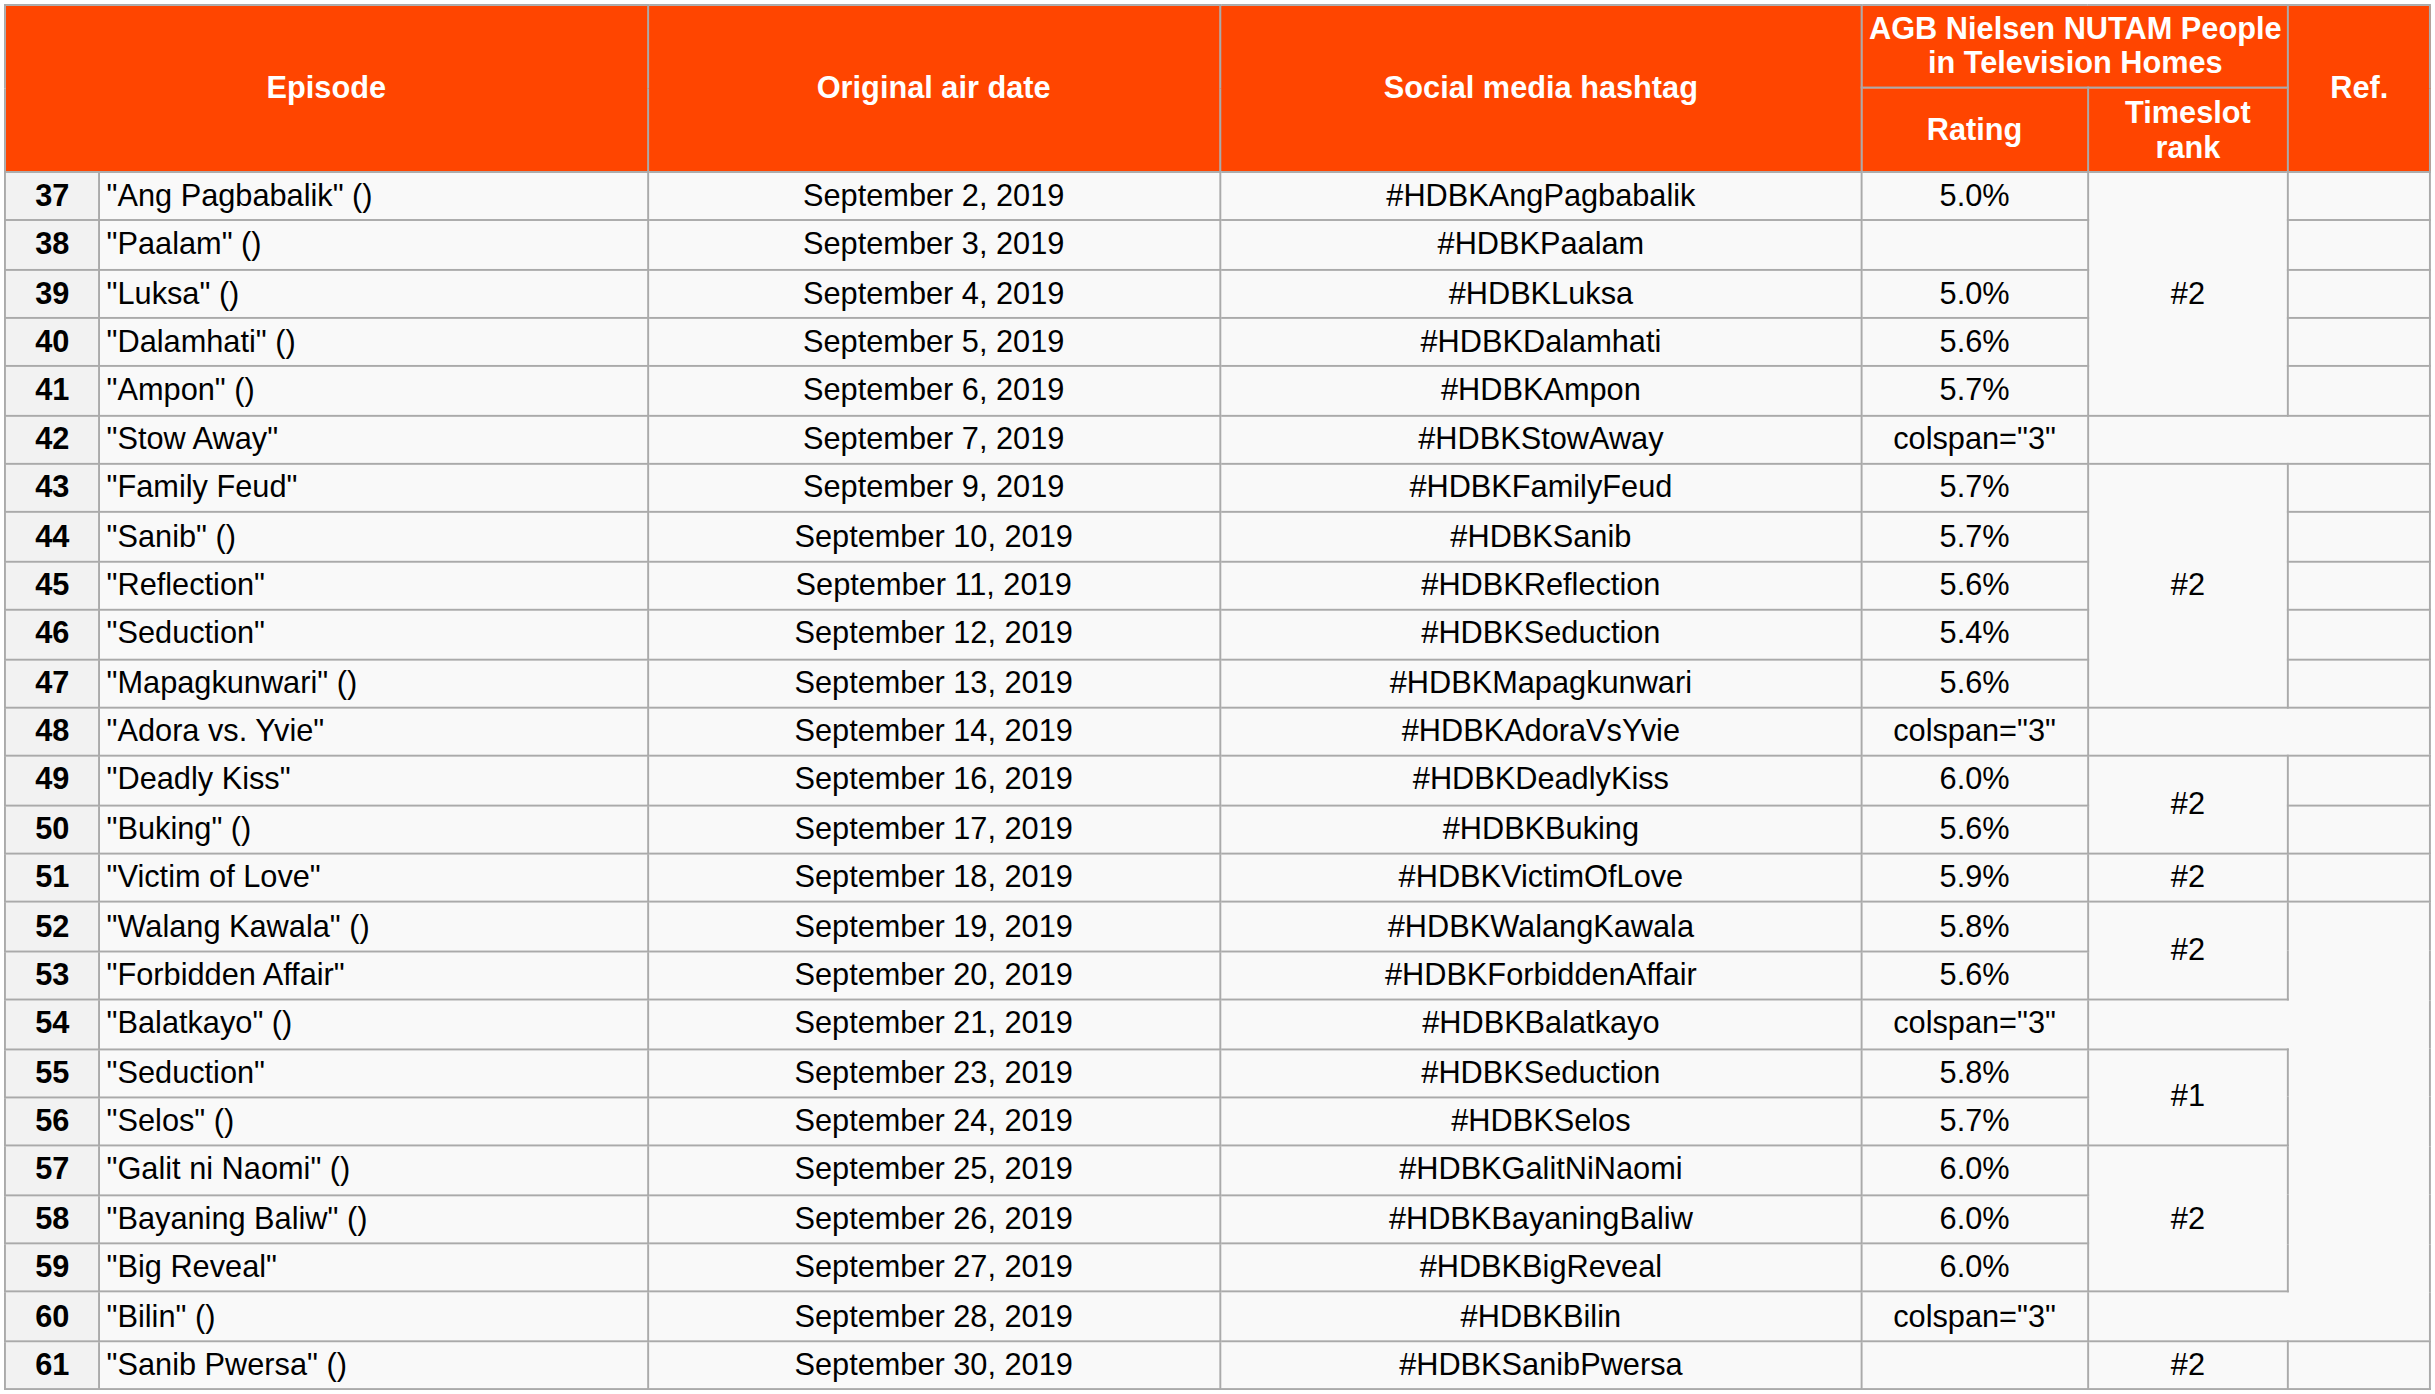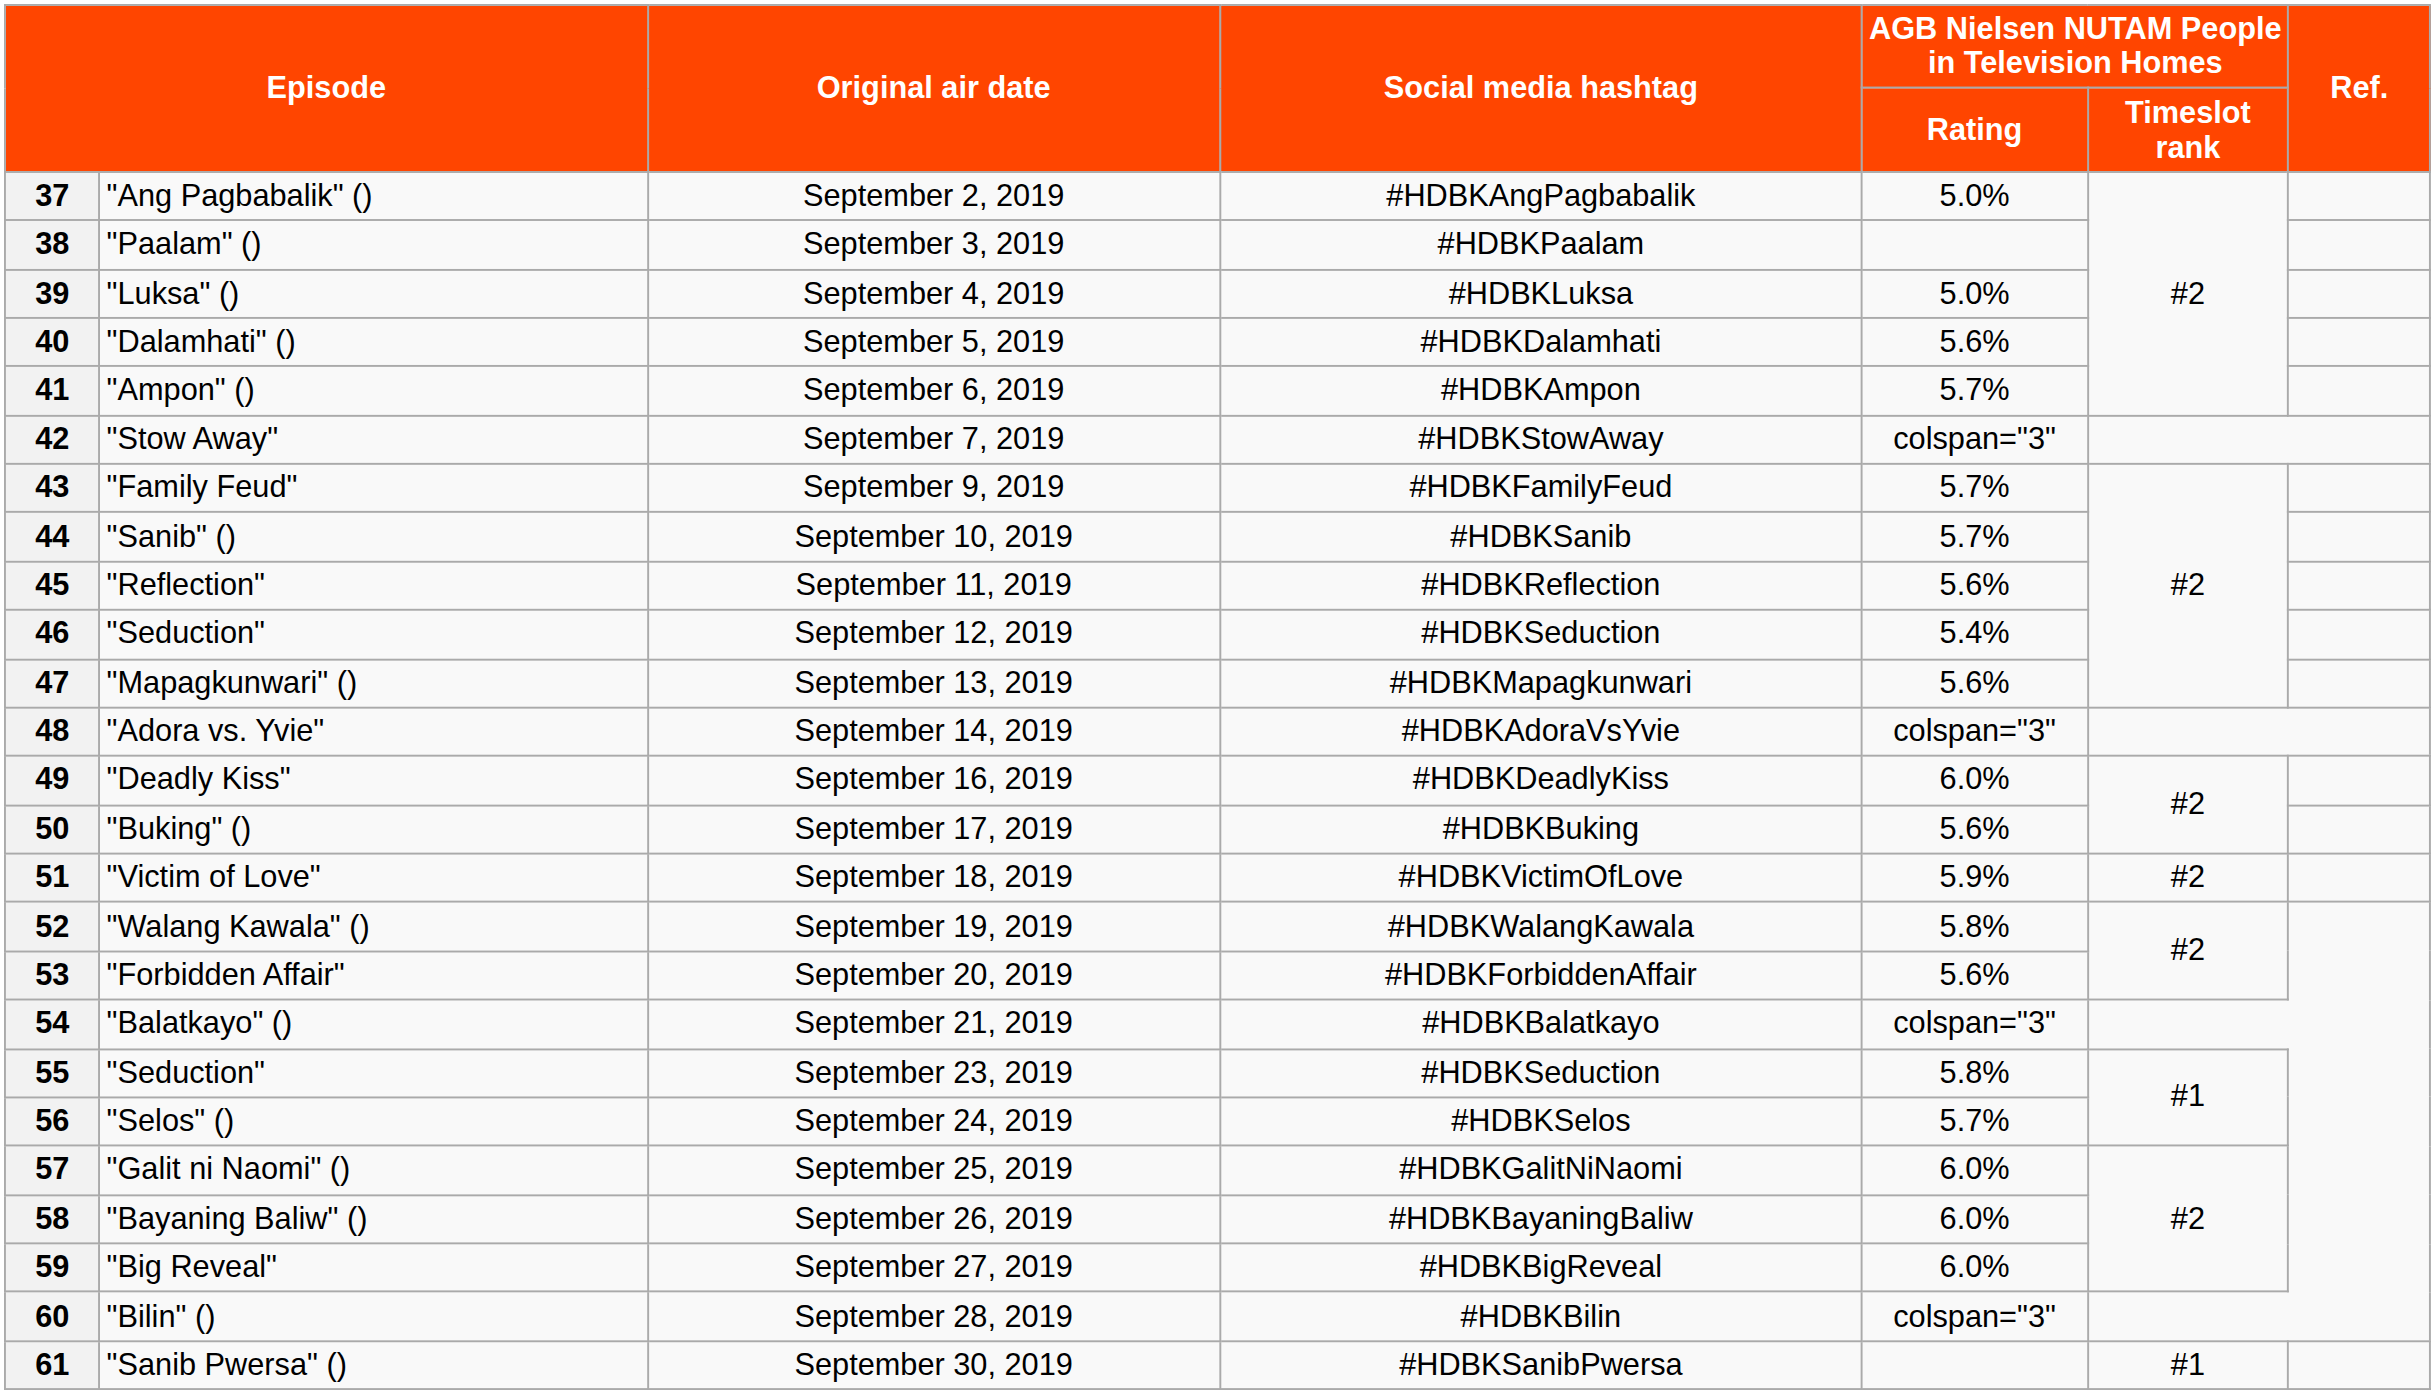 <table class="wikitable" style="text-align:center; font-size:100%; line-height:18px;" width="100%">
 <tr>
 <th style="background-color:#FF4500; color:#ffffff;" colspan="2" rowspan="2">Episode</th>
 <th style="background-color:#FF4500; color:white" rowspan="2">Original air date</th>
 <th style="background-color:#FF4500; color:white" rowspan="2">Social media hashtag</th>
 <th style="background-color:#FF4500; color:#ffffff;" colspan="2">AGB Nielsen NUTAM People in Television Homes</th>
 <th style="background-color:#FF4500; color:#ffffff;" rowspan="2">Ref.</th>
 </tr>
 <tr>
 <th style="background-color:#FF4500; width:75px; color:#ffffff;">Rating</th>
 <th style="background-color:#FF4500; width:75px; color:#ffffff;">Timeslot<br>rank</th>
 </tr>
 <tr>
 <th>37</th>
 <td style="text-align: left;">"Ang Pagbabalik" ()</td>
 <td>September 2, 2019</td>
 <td>#HDBKAngPagbabalik</td>
 <td>5.0%</td>
 <td rowspan="5">#2</td>
 <td></td>
 </tr>
 <tr>
 <th>38</th>
 <td style="text-align: left;">"Paalam" ()</td>
 <td>September 3, 2019</td>
 <td>#HDBKPaalam</td>
 <td></td>
 <td></td>
 </tr>
 <tr>
 <th>39</th>
 <td style="text-align: left;">"Luksa" ()</td>
 <td>September 4, 2019</td>
 <td>#HDBKLuksa</td>
 <td>5.0%</td>
 <td></td>
 </tr>
 <tr>
 <th>40</th>
 <td style="text-align: left;">"Dalamhati" ()</td>
 <td>September 5, 2019</td>
 <td>#HDBKDalamhati</td>
 <td>5.6%</td>
 <td></td>
 </tr>
 <tr>
 <th>41</th>
 <td style="text-align: left;">"Ampon" ()</td>
 <td>September 6, 2019</td>
 <td>#HDBKAmpon</td>
 <td>5.7%</td>
 <td></td>
 </tr>
 <tr>
 <th>42</th>
 <td style="text-align: left;">"Stow Away"</td>
 <td>September 7, 2019</td>
 <td>#HDBKStowAway</td>
 <td>colspan="3" </td>
 </tr>
 <tr>
 <th>43</th>
 <td style="text-align: left;">"Family Feud"</td>
 <td>September 9, 2019</td>
 <td>#HDBKFamilyFeud</td>
 <td>5.7%</td>
 <td rowspan="5">#2</td>
 <td></td>
 </tr>
 <tr>
 <th>44</th>
 <td style="text-align: left;">"Sanib" ()</td>
 <td>September 10, 2019</td>
 <td>#HDBKSanib</td>
 <td>5.7%</td>
 <td></td>
 </tr>
 <tr>
 <th>45</th>
 <td style="text-align: left;">"Reflection"</td>
 <td>September 11, 2019</td>
 <td>#HDBKReflection</td>
 <td>5.6%</td>
 <td></td>
 </tr>
 <tr>
 <th>46</th>
 <td style="text-align: left;">"Seduction"</td>
 <td>September 12, 2019</td>
 <td>#HDBKSeduction</td>
 <td>5.4%</td>
 <td></td>
 </tr>
 <tr>
 <th>47</th>
 <td style="text-align: left;">"Mapagkunwari" ()</td>
 <td>September 13, 2019</td>
 <td>#HDBKMapagkunwari</td>
 <td>5.6%</td>
 <td></td>
 </tr>
 <tr>
 <th>48</th>
 <td style="text-align: left;">"Adora vs. Yvie"</td>
 <td>September 14, 2019</td>
 <td>#HDBKAdoraVsYvie</td>
 <td>colspan="3" </td>
 </tr>
 <tr>
 <th>49</th>
 <td style="text-align: left;">"Deadly Kiss"</td>
 <td>September 16, 2019</td>
 <td>#HDBKDeadlyKiss</td>
 <td>6.0%</td>
 <td rowspan="2">#2</td>
 <td></td>
 </tr>
 <tr>
 <th>50</th>
 <td style="text-align: left;">"Buking" ()</td>
 <td>September 17, 2019</td>
 <td>#HDBKBuking</td>
 <td>5.6%</td>
 <td></td>
 </tr>
 <tr>
 <th>51</th>
 <td style="text-align: left;">"Victim of Love"</td>
 <td>September 18, 2019</td>
 <td>#HDBKVictimOfLove</td>
 <td>5.9%</td>
 <td>#2</td>
 <td></td>
 </tr>
 <tr>
 <th>52</th>
 <td style="text-align: left;">"Walang Kawala" ()</td>
 <td>September 19, 2019</td>
 <td>#HDBKWalangKawala</td>
 <td>5.8%</td>
 <td rowspan="2">#2</td>
 </tr>
 <tr>
 <th>53</th>
 <td style="text-align: left;">"Forbidden Affair"</td>
 <td>September 20, 2019</td>
 <td>#HDBKForbiddenAffair</td>
 <td>5.6%</td>
 </tr>
 <tr>
 <th>54</th>
 <td style="text-align: left;">"Balatkayo" ()</td>
 <td>September 21, 2019</td>
 <td>#HDBKBalatkayo</td>
 <td>colspan="3" </td>
 </tr>
 <tr>
 <th>55</th>
 <td style="text-align: left;">"Seduction"</td>
 <td>September 23, 2019</td>
 <td>#HDBKSeduction</td>
 <td>5.8%</td>
 <td rowspan="2">#1</td>
 </tr>
 <tr>
 <th>56</th>
 <td style="text-align: left;">"Selos" ()</td>
 <td>September 24, 2019</td>
 <td>#HDBKSelos</td>
 <td>5.7%</td>
 </tr>
 <tr>
 <th>57</th>
 <td style="text-align: left;">"Galit ni Naomi" ()</td>
 <td>September 25, 2019</td>
 <td>#HDBKGalitNiNaomi</td>
 <td>6.0%</td>
 <td rowspan="3">#2</td>
 </tr>
 <tr>
 <th>58</th>
 <td style="text-align: left;">"Bayaning Baliw" ()</td>
 <td>September 26, 2019</td>
 <td>#HDBKBayaningBaliw</td>
 <td>6.0%</td>
 </tr>
 <tr>
 <th>59</th>
 <td style="text-align: left;">"Big Reveal"</td>
 <td>September 27, 2019</td>
 <td>#HDBKBigReveal</td>
 <td>6.0%</td>
 </tr>
 <tr>
 <th>60</th>
 <td style="text-align: left;">"Bilin" ()</td>
 <td>September 28, 2019</td>
 <td>#HDBKBilin</td>
 <td>colspan="3" </td>
 </tr>
 <tr>
 <th>61</th>
 <td style="text-align: left;">"Sanib Pwersa" ()</td>
 <td>September 30, 2019</td>
 <td>#HDBKSanibPwersa</td>
 <td></td>
-<td>#2</td>
+<td>#1</td>
 <td></td>
 </tr>
 <tr>
 </tr>
 </table>
